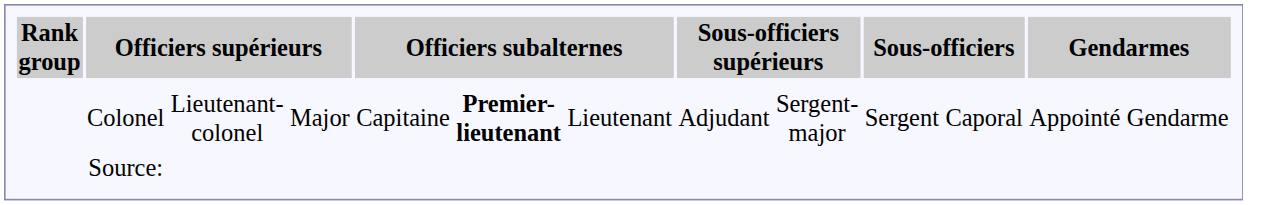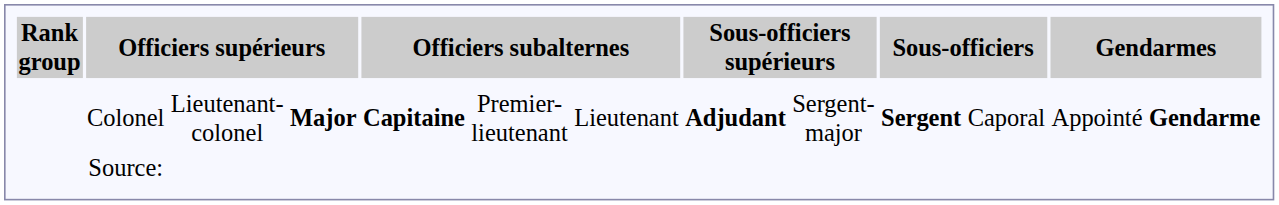 <table style="border:1px solid #8888aa; background-color:#f7f8ff; padding:5px; font-size:95%; margin: 0px 12px 12px 0px; text-align:center;">
 <tr style="background-color:#CCCCCC;">
 <th>Rank group</th>
 <th colspan="3">Officiers supérieurs</th>
 <th colspan="3">Officiers subalternes</th>
 <th colspan="2">Sous-officiers supérieurs</th>
 <th colspan="2">Sous-officiers</th>
 <th colspan="2">Gendarmes</th>
 </tr>
 <tr>
 <td rowspan="3"></td>
 <td></td>
 <td></td>
 <td></td>
 <td></td>
 <td></td>
 <td></td>
 <td></td>
 <td></td>
 <td></td>
 <td></td>
 <td></td>
 <td></td>
 </tr>
 <tr>
 <td>Colonel</td>
 <td>Lieutenant-<br>colonel</td>
-<td>Major</td>
-<td>Capitaine</td>
-<td><strong>Premier-<br>lieutenant</strong></td>
+<td><strong>Major</strong></td>
+<td><strong>Capitaine</strong></td>
+<td>Premier-<br>lieutenant</td>
 <td>Lieutenant</td>
-<td>Adjudant</td>
+<td><strong>Adjudant</strong></td>
 <td>Sergent-<br>major</td>
-<td>Sergent</td>
+<td><strong>Sergent</strong></td>
 <td>Caporal</td>
 <td>Appointé</td>
-<td>Gendarme</td>
+<td><strong>Gendarme</strong></td>
 </tr>
 <tr>
 <td>Source: </td>
 </tr>
 <tr>
 </tr>
 </table>
